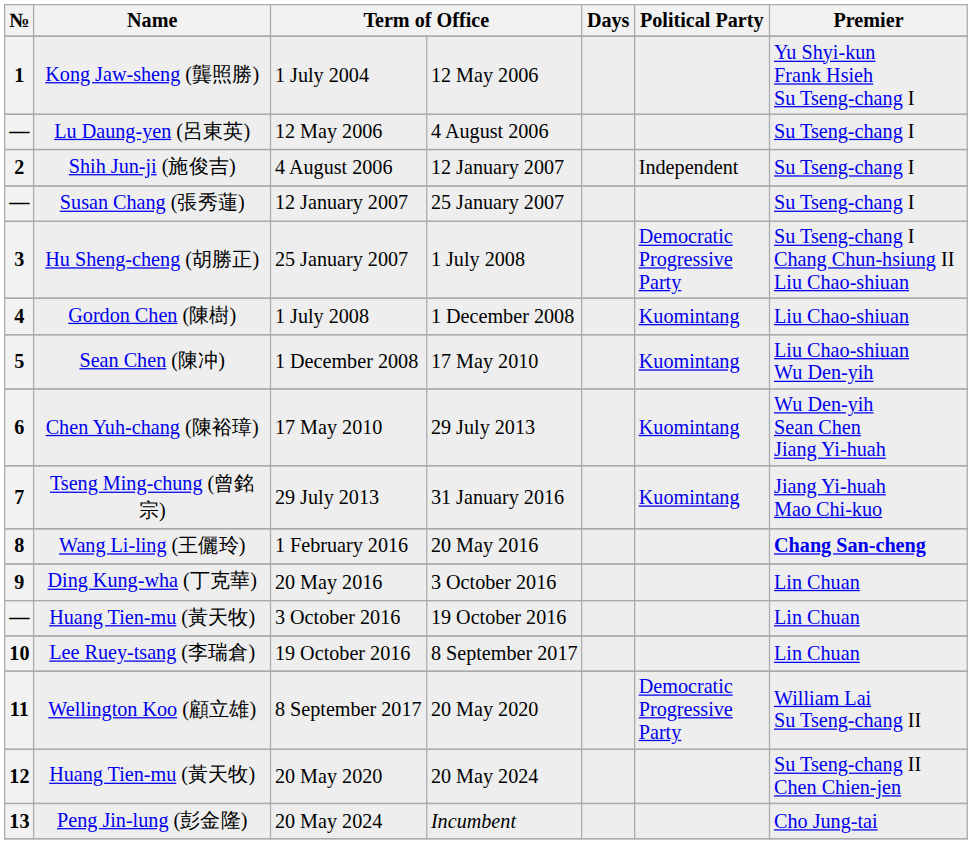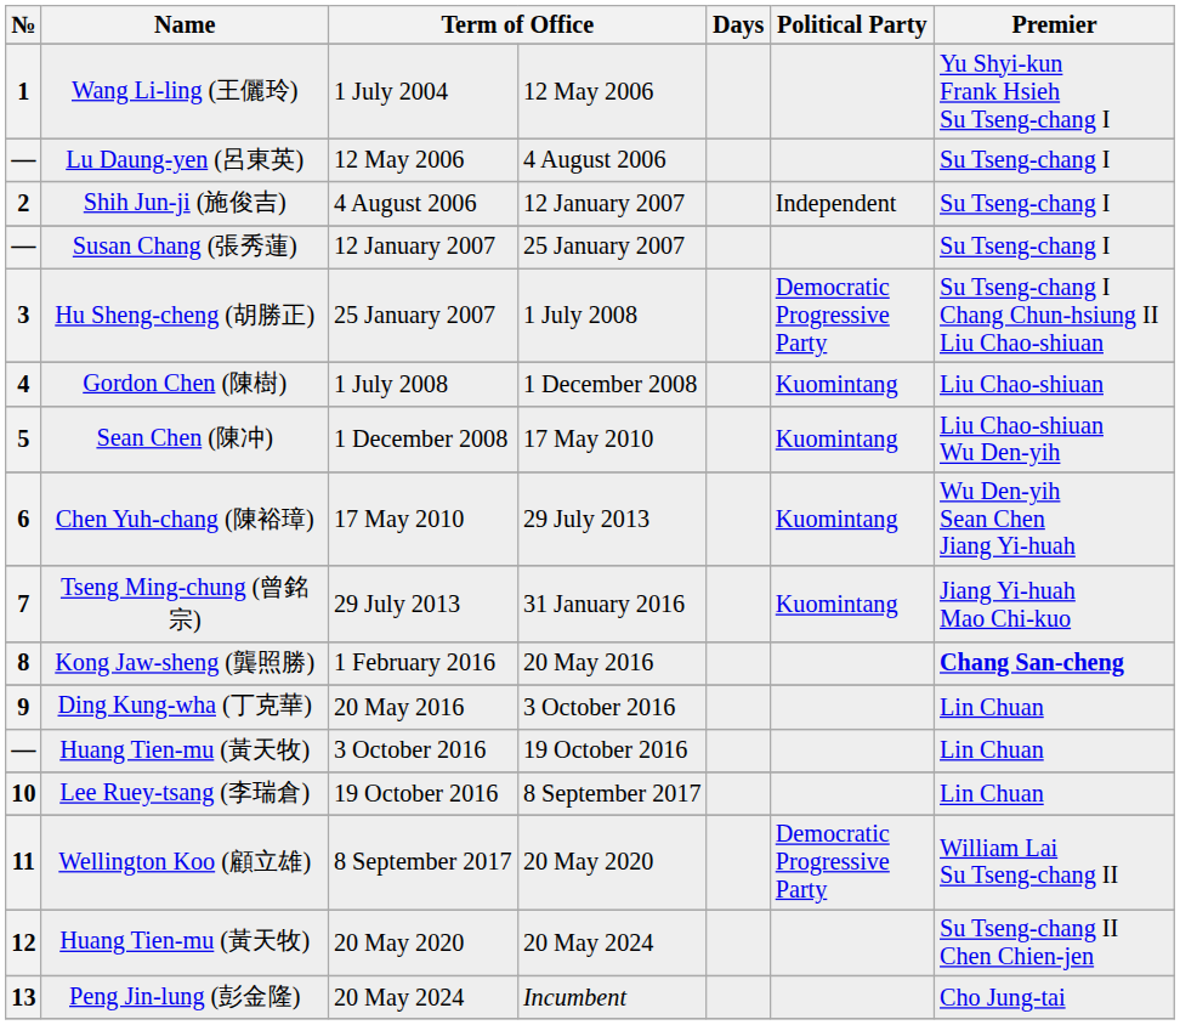 <table class="wikitable">
 <tr ->
 <th>№</th>
 <th width="180">Name</th>
 <th colspan=2 width="180">Term of Office</th>
 <th>Days</th>
 <th width="100">Political Party</th>
 <th width="150">Premier</th>
 </tr>
 <tr ->
 </tr>
 <tr - bgcolor=#EEEEEE>
 <th style="background:">1</th>
-<td align=center><a href='#'>Kong Jaw-sheng</a> (龔照勝)</td>
+<td align=center><a href='#'>Wang Li-ling</a> (王儷玲)</td>
 <td>1 July 2004</td>
 <td>12 May 2006</td>
 <td></td>
 <td></td>
 <td><a href='#'>Yu Shyi-kun</a><br><a href='#'>Frank Hsieh</a><br><a href='#'>Su Tseng-chang</a> I</td>
 </tr>
 <tr ->
 </tr>
 <tr - bgcolor=#EEEEEE>
 <th style="background:">—</th>
 <td align=center><a href='#'>Lu Daung-yen</a> (呂東英)</td>
 <td>12 May 2006</td>
 <td>4 August 2006</td>
 <td></td>
 <td></td>
 <td><a href='#'>Su Tseng-chang</a> I</td>
 </tr>
 <tr ->
 </tr>
 <tr - bgcolor=#EEEEEE>
 <th style="background:">2</th>
 <td align=center><a href='#'>Shih Jun-ji</a> (施俊吉)</td>
 <td>4 August 2006</td>
 <td>12 January 2007</td>
 <td></td>
 <td>Independent</td>
 <td><a href='#'>Su Tseng-chang</a> I</td>
 </tr>
 <tr ->
 </tr>
 <tr - bgcolor=#EEEEEE>
 <th style="background:">—</th>
 <td align=center><a href='#'>Susan Chang</a> (張秀蓮)</td>
 <td>12 January 2007</td>
 <td>25 January 2007</td>
 <td></td>
 <td></td>
 <td><a href='#'>Su Tseng-chang</a> I</td>
 </tr>
 <tr ->
 </tr>
 <tr - bgcolor=#EEEEEE>
 <th style="background:">3</th>
 <td align=center><a href='#'>Hu Sheng-cheng</a> (胡勝正)</td>
 <td>25 January 2007</td>
 <td>1 July 2008</td>
 <td></td>
 <td><a href='#'>Democratic Progressive Party</a></td>
 <td><a href='#'>Su Tseng-chang</a> I<br><a href='#'>Chang Chun-hsiung</a> II<br><a href='#'>Liu Chao-shiuan</a></td>
 </tr>
 <tr ->
 </tr>
 <tr - bgcolor=#EEEEEE>
 <th style="background:">4</th>
 <td align=center><a href='#'>Gordon Chen</a> (陳樹)</td>
 <td>1 July 2008</td>
 <td>1 December 2008</td>
 <td></td>
 <td><a href='#'>Kuomintang</a></td>
 <td><a href='#'>Liu Chao-shiuan</a></td>
 </tr>
 <tr ->
 </tr>
 <tr - bgcolor=#EEEEEE>
 <th style="background:">5</th>
 <td align=center><a href='#'>Sean Chen</a> (陳冲)</td>
 <td>1 December 2008</td>
 <td>17 May 2010</td>
 <td></td>
 <td><a href='#'>Kuomintang</a></td>
 <td><a href='#'>Liu Chao-shiuan</a><br><a href='#'>Wu Den-yih</a></td>
 </tr>
 <tr ->
 </tr>
 <tr - bgcolor=#EEEEEE>
 <th style="background:">6</th>
 <td align=center><a href='#'>Chen Yuh-chang</a> (陳裕璋)</td>
 <td>17 May 2010</td>
 <td>29 July 2013</td>
 <td></td>
 <td><a href='#'>Kuomintang</a></td>
 <td><a href='#'>Wu Den-yih</a><br><a href='#'>Sean Chen</a><br><a href='#'>Jiang Yi-huah</a></td>
 </tr>
 <tr ->
 </tr>
 <tr - bgcolor=#EEEEEE>
 <th style="background:">7</th>
 <td align=center><a href='#'>Tseng Ming-chung</a> (曾銘宗)</td>
 <td>29 July 2013</td>
 <td>31 January 2016</td>
 <td></td>
 <td><a href='#'>Kuomintang</a></td>
 <td><a href='#'>Jiang Yi-huah</a><br><a href='#'>Mao Chi-kuo</a></td>
 </tr>
 <tr ->
 </tr>
 <tr - bgcolor=#EEEEEE>
 <th style="background:">8</th>
-<td align=center><a href='#'>Wang Li-ling</a> (王儷玲)</td>
+<td align=center><a href='#'>Kong Jaw-sheng</a> (龔照勝)</td>
 <td>1 February 2016</td>
 <td>20 May 2016</td>
 <td></td>
 <td></td>
 <td><strong><a href='#'>Chang San-cheng</a></strong></td>
 </tr>
 <tr ->
 </tr>
 <tr - bgcolor=#EEEEEE>
 <th style="background:">9</th>
 <td align=center><a href='#'>Ding Kung-wha</a> (丁克華)</td>
 <td>20 May 2016</td>
 <td>3 October 2016</td>
 <td></td>
 <td></td>
 <td><a href='#'>Lin Chuan</a></td>
 </tr>
 <tr ->
 </tr>
 <tr - bgcolor=#EEEEEE>
 <th style="background:">—</th>
 <td align=center><a href='#'>Huang Tien-mu</a> (黃天牧)</td>
 <td>3 October 2016</td>
 <td>19 October 2016</td>
 <td></td>
 <td></td>
 <td><a href='#'>Lin Chuan</a></td>
 </tr>
 <tr ->
 </tr>
 <tr - bgcolor=#EEEEEE>
 <th style="background:">10</th>
 <td align=center><a href='#'>Lee Ruey-tsang</a> (李瑞倉)</td>
 <td>19 October 2016</td>
 <td>8 September 2017</td>
 <td></td>
 <td></td>
 <td><a href='#'>Lin Chuan</a></td>
 </tr>
 <tr ->
 </tr>
 <tr - bgcolor=#EEEEEE>
 <th style="background:">11</th>
 <td align=center><a href='#'>Wellington Koo</a> (顧立雄)</td>
 <td>8 September 2017</td>
 <td>20 May 2020</td>
 <td></td>
 <td><a href='#'>Democratic Progressive Party</a></td>
 <td><a href='#'>William Lai</a><br><a href='#'>Su Tseng-chang</a> II</td>
 </tr>
 <tr ->
 </tr>
 <tr - bgcolor=#EEEEEE>
 <th style="background:">12</th>
 <td align=center><a href='#'>Huang Tien-mu</a> (黃天牧)</td>
 <td>20 May 2020</td>
 <td>20 May 2024</td>
 <td></td>
 <td></td>
 <td><a href='#'>Su Tseng-chang</a> II<br><a href='#'>Chen Chien-jen</a></td>
 </tr>
 <tr ->
 </tr>
 <tr - bgcolor=#EEEEEE>
 <th style="background:">13</th>
 <td align=center><a href='#'>Peng Jin-lung</a> (彭金隆)</td>
 <td>20 May 2024</td>
 <td><em>Incumbent</em></td>
 <td></td>
 <td></td>
 <td><a href='#'>Cho Jung-tai</a></td>
 </tr>
 <tr ->
 </tr>
 </table>
